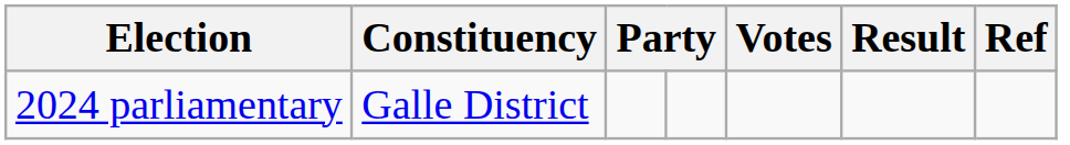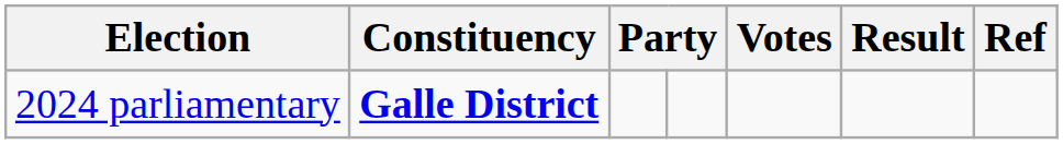 <table class="wikitable" style="text-align:left;">
 <tr>
 <th scope=col>Election</th>
 <th scope=col>Constituency</th>
 <th scope=col colspan="2">Party</th>
 <th scope=col>Votes</th>
 <th scope=col>Result</th>
 <th scope=col>Ref</th>
 </tr>
 <tr>
 <td><a href='#'>2024 parliamentary</a></td>
-<td><a href='#'>Galle District</a></td>
+<td><strong><a href='#'>Galle District</a></strong></td>
 <td></td>
 <td align=right></td>
 <td></td>
 <td></td>
 </tr>
 </table>
